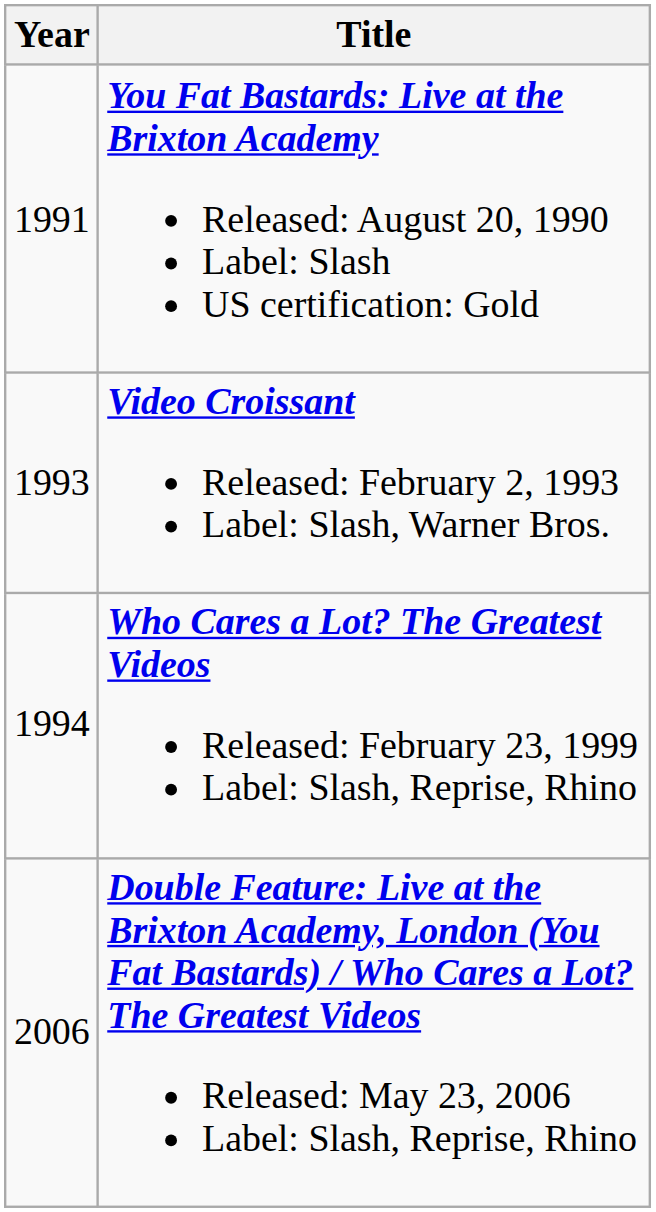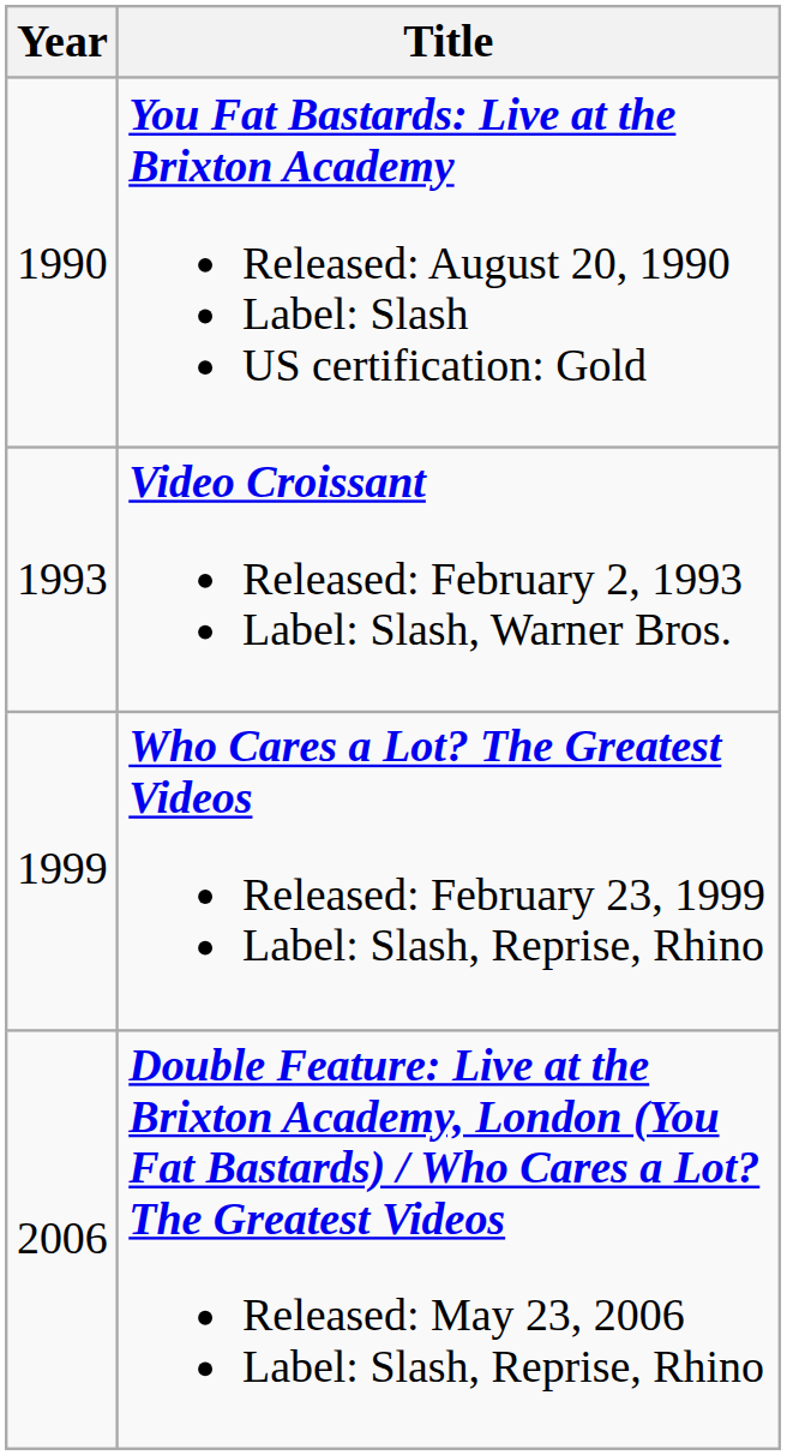 <table class="wikitable">
 <tr>
 <th style="width:25px;">Year</th>
 <th style="width:225px;">Title</th>
 </tr>
 <tr>
-<td>1991</td>
+<td>1990</td>
 <td><strong><em><a href='#'>You Fat Bastards: Live at the Brixton Academy</a></em></strong><br><ul><li>Released: August 20, 1990</li><li>Label: Slash</li><li>US certification: Gold</li></ul></td>
 </tr>
 <tr>
 <td>1993</td>
 <td><strong><em><a href='#'>Video Croissant</a></em></strong><br><ul><li>Released: February 2, 1993</li><li>Label: Slash, Warner Bros.</li></ul></td>
 </tr>
 <tr>
-<td>1994</td>
+<td>1999</td>
 <td><strong><em><a href='#'>Who Cares a Lot? The Greatest Videos</a></em></strong><br><ul><li>Released: February 23, 1999</li><li>Label: Slash, Reprise, Rhino</li></ul></td>
 </tr>
 <tr>
 <td>2006</td>
 <td><strong><em><a href='#'>Double Feature: Live at the Brixton Academy, London (You Fat Bastards) / Who Cares a Lot? The Greatest Videos</a></em></strong><br><ul><li>Released: May 23, 2006</li><li>Label: Slash, Reprise, Rhino</li></ul></td>
 </tr>
 </table>
